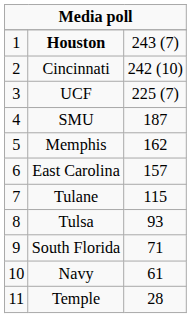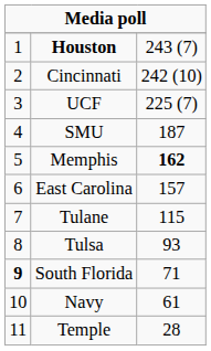 <table class="wikitable">
 <tr align="center">
 <td align="center" Colspan="3"><strong>Media poll</strong></td>
 </tr>
 <tr align="center">
 </tr>
 <tr align="center">
 <td>1</td>
 <td><strong>Houston</strong></td>
 <td>243 (7)</td>
 </tr>
 <tr align="center">
 <td>2</td>
 <td>Cincinnati</td>
 <td>242 (10)</td>
 </tr>
 <tr align="center">
 <td>3</td>
 <td>UCF</td>
 <td>225 (7)</td>
 </tr>
 <tr align="center">
 <td>4</td>
 <td>SMU</td>
 <td>187</td>
 </tr>
 <tr align="center">
 <td>5</td>
 <td>Memphis</td>
-<td>162</td>
+<td><strong>162</strong></td>
 </tr>
 <tr align="center">
 <td>6</td>
 <td>East Carolina</td>
 <td>157</td>
 </tr>
 <tr align="center">
 <td>7</td>
 <td>Tulane</td>
 <td>115</td>
 </tr>
 <tr align="center">
 <td>8</td>
 <td>Tulsa</td>
 <td>93</td>
 </tr>
 <tr align="center">
-<td>9</td>
+<td><strong>9</strong></td>
 <td>South Florida</td>
 <td>71</td>
 </tr>
 <tr align="center">
 <td>10</td>
 <td>Navy</td>
 <td>61</td>
 </tr>
 <tr align="center">
 <td>11</td>
 <td>Temple</td>
 <td>28</td>
 </tr>
 </table>
